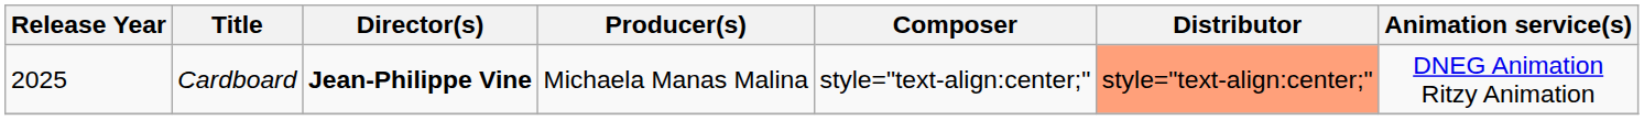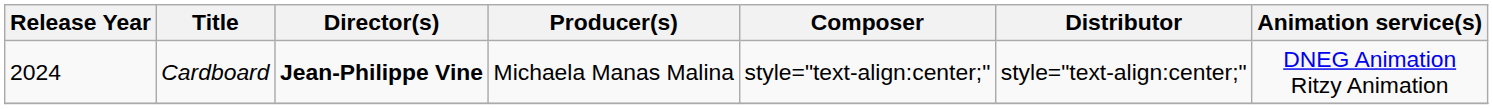 <table class="wikitable">
 <tr>
 <th>Release Year</th>
 <th>Title</th>
 <th>Director(s)</th>
 <th>Producer(s)</th>
 <th>Composer</th>
 <th>Distributor</th>
 <th>Animation service(s)</th>
 </tr>
 <tr>
-<td>2025</td>
+<td>2024</td>
 <td><em>Cardboard</em></td>
 <td style="text-align:center;"><strong>Jean-Philippe Vine</strong></td>
 <td style="text-align:center;">Michaela Manas Malina</td>
 <td>style="text-align:center;" </td>
-<td style="background: lightsalmon;">style="text-align:center;" </td>
+<td>style="text-align:center;" </td>
 <td style="text-align:center;"><a href='#'>DNEG Animation</a><br>Ritzy Animation</td>
 </tr>
 <tr>
 </tr>
 </table>
